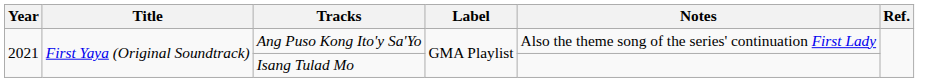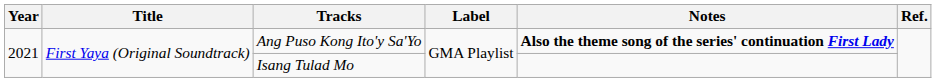 <table class="wikitable">
 <tr>
 <th>Year</th>
 <th>Title</th>
 <th>Tracks</th>
 <th>Label</th>
 <th>Notes</th>
 <th>Ref.</th>
 </tr>
 <tr>
 <td rowspan="2">2021</td>
 <td rowspan="2"><em><a href='#'>First Yaya</a> (Original Soundtrack)</em></td>
 <td><em>Ang Puso Kong Ito'y Sa'Yo</em></td>
 <td rowspan="2">GMA Playlist</td>
-<td>Also the theme song of the series' continuation <em><a href='#'>First Lady</a></em></td>
+<td><strong>Also the theme song of the series' continuation <em><a href='#'>First Lady</a></em></strong></td>
 <td rowspan="2"></td>
 </tr>
 <tr>
 <td><em>Isang Tulad Mo</em></td>
 <td></td>
 </tr>
 </table>
